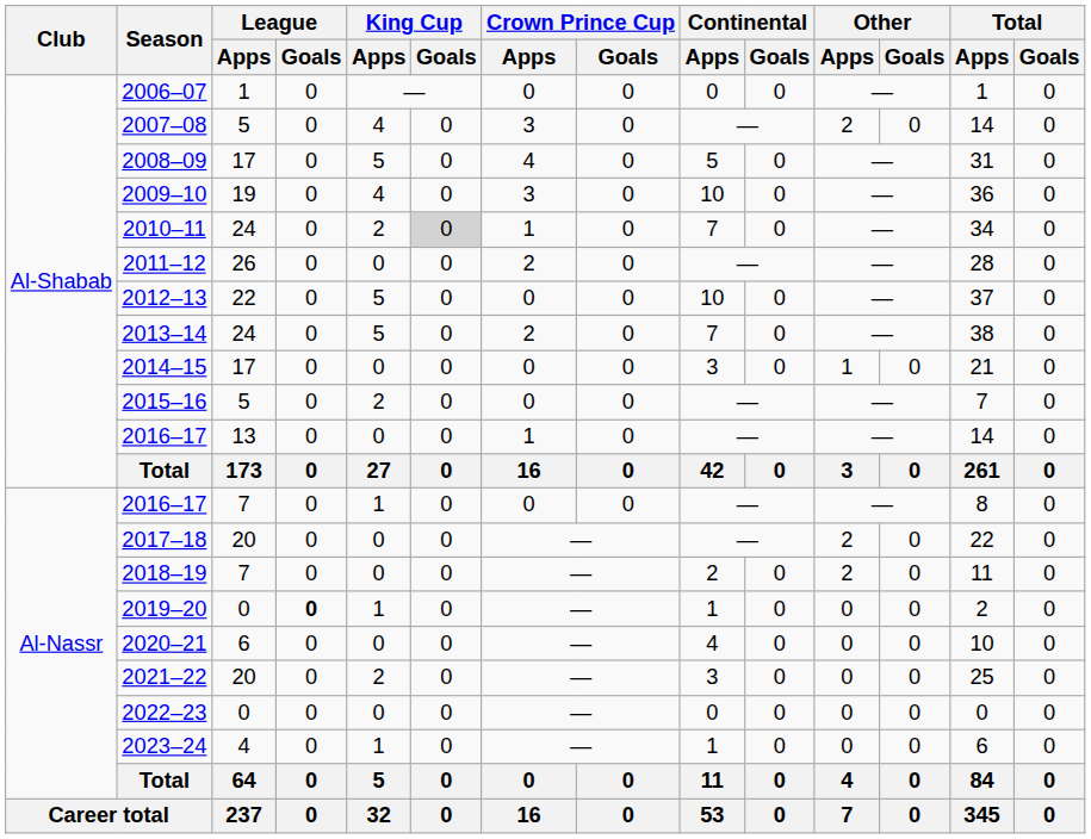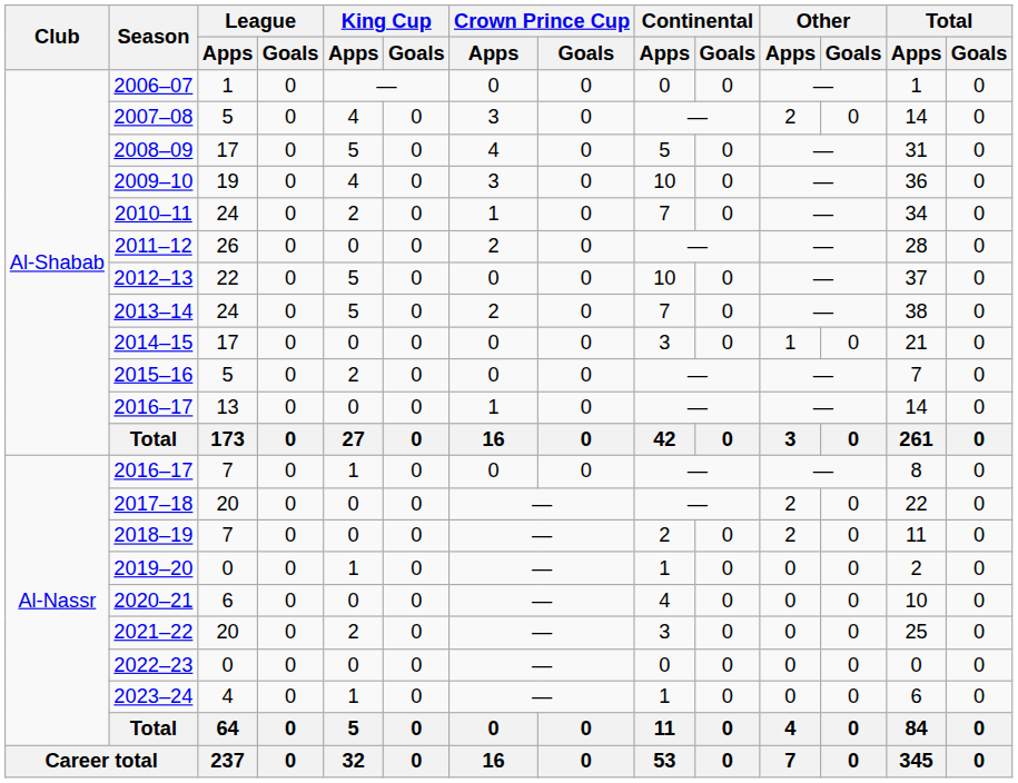 <table class=wikitable style="text-align: center">
 <tr>
 <th rowspan=2>Club</th>
 <th rowspan=2>Season</th>
 <th colspan=2>League</th>
 <th colspan=2><a href='#'>King Cup</a></th>
 <th colspan=2><a href='#'>Crown Prince Cup</a> </th>
 <th colspan=2>Continental</th>
 <th colspan=2>Other</th>
 <th colspan=2>Total</th>
 </tr>
 <tr>
 <th>Apps</th>
 <th>Goals</th>
 <th>Apps</th>
 <th>Goals</th>
 <th>Apps</th>
 <th>Goals</th>
 <th>Apps</th>
 <th>Goals</th>
 <th>Apps</th>
 <th>Goals</th>
 <th>Apps</th>
 <th>Goals</th>
 </tr>
 <tr>
 <td rowspan=12><a href='#'>Al-Shabab</a></td>
 <td><a href='#'>2006–07</a></td>
 <td>1</td>
 <td>0</td>
 <td colspan=2>—</td>
 <td>0</td>
 <td>0</td>
 <td>0</td>
 <td>0</td>
 <td colspan=2>—</td>
 <td>1</td>
 <td>0</td>
 </tr>
 <tr>
 <td><a href='#'>2007–08</a></td>
 <td>5</td>
 <td>0</td>
 <td>4</td>
 <td>0</td>
 <td>3</td>
 <td>0</td>
 <td colspan=2>—</td>
 <td>2</td>
 <td>0</td>
 <td>14</td>
 <td>0</td>
 </tr>
 <tr>
 <td><a href='#'>2008–09</a></td>
 <td>17</td>
 <td>0</td>
 <td>5</td>
 <td>0</td>
 <td>4</td>
 <td>0</td>
 <td>5</td>
 <td>0</td>
 <td colspan=2>—</td>
 <td>31</td>
 <td>0</td>
 </tr>
 <tr>
 <td><a href='#'>2009–10</a></td>
 <td>19</td>
 <td>0</td>
 <td>4</td>
 <td>0</td>
 <td>3</td>
 <td>0</td>
 <td>10</td>
 <td>0</td>
 <td colspan=2>—</td>
 <td>36</td>
 <td>0</td>
 </tr>
 <tr>
 <td><a href='#'>2010–11</a></td>
 <td>24</td>
 <td>0</td>
 <td>2</td>
-<td style="background: lightgrey;">0</td>
+<td>0</td>
 <td>1</td>
 <td>0</td>
 <td>7</td>
 <td>0</td>
 <td colspan=2>—</td>
 <td>34</td>
 <td>0</td>
 </tr>
 <tr>
 <td><a href='#'>2011–12</a></td>
 <td>26</td>
 <td>0</td>
 <td>0</td>
 <td>0</td>
 <td>2</td>
 <td>0</td>
 <td colspan=2>—</td>
 <td colspan=2>—</td>
 <td>28</td>
 <td>0</td>
 </tr>
 <tr>
 <td><a href='#'>2012–13</a></td>
 <td>22</td>
 <td>0</td>
 <td>5</td>
 <td>0</td>
 <td>0</td>
 <td>0</td>
 <td>10</td>
 <td>0</td>
 <td colspan=2>—</td>
 <td>37</td>
 <td>0</td>
 </tr>
 <tr>
 <td><a href='#'>2013–14</a></td>
 <td>24</td>
 <td>0</td>
 <td>5</td>
 <td>0</td>
 <td>2</td>
 <td>0</td>
 <td>7</td>
 <td>0</td>
 <td colspan=2>—</td>
 <td>38</td>
 <td>0</td>
 </tr>
 <tr>
 <td><a href='#'>2014–15</a></td>
 <td>17</td>
 <td>0</td>
 <td>0</td>
 <td>0</td>
 <td>0</td>
 <td>0</td>
 <td>3</td>
 <td>0</td>
 <td>1</td>
 <td>0</td>
 <td>21</td>
 <td>0</td>
 </tr>
 <tr>
 <td><a href='#'>2015–16</a></td>
 <td>5</td>
 <td>0</td>
 <td>2</td>
 <td>0</td>
 <td>0</td>
 <td>0</td>
 <td colspan=2>—</td>
 <td colspan=2>—</td>
 <td>7</td>
 <td>0</td>
 </tr>
 <tr>
 <td><a href='#'>2016–17</a></td>
 <td>13</td>
 <td>0</td>
 <td>0</td>
 <td>0</td>
 <td>1</td>
 <td>0</td>
 <td colspan=2>—</td>
 <td colspan=2>—</td>
 <td>14</td>
 <td>0</td>
 </tr>
 <tr>
 <th>Total</th>
 <th>173</th>
 <th>0</th>
 <th>27</th>
 <th>0</th>
 <th>16</th>
 <th>0</th>
 <th>42</th>
 <th>0</th>
 <th>3</th>
 <th>0</th>
 <th>261</th>
 <th>0</th>
 </tr>
 <tr>
 <td rowspan=9><a href='#'>Al-Nassr</a></td>
 <td><a href='#'>2016–17</a></td>
 <td>7</td>
 <td>0</td>
 <td>1</td>
 <td>0</td>
 <td>0</td>
 <td>0</td>
 <td colspan=2>—</td>
 <td colspan=2>—</td>
 <td>8</td>
 <td>0</td>
 </tr>
 <tr>
 <td><a href='#'>2017–18</a></td>
 <td>20</td>
 <td>0</td>
 <td>0</td>
 <td>0</td>
 <td colspan=2>—</td>
 <td colspan=2>—</td>
 <td>2</td>
 <td>0</td>
 <td>22</td>
 <td>0</td>
 </tr>
 <tr>
 <td><a href='#'>2018–19</a></td>
 <td>7</td>
 <td>0</td>
 <td>0</td>
 <td>0</td>
 <td colspan=2>—</td>
 <td>2</td>
 <td>0</td>
 <td>2</td>
 <td>0</td>
 <td>11</td>
 <td>0</td>
 </tr>
 <tr>
 <td><a href='#'>2019–20</a></td>
 <td>0</td>
-<td><strong>0</strong></td>
+<td>0</td>
 <td>1</td>
 <td>0</td>
 <td colspan=2>—</td>
 <td>1</td>
 <td>0</td>
 <td>0</td>
 <td>0</td>
 <td>2</td>
 <td>0</td>
 </tr>
 <tr>
 <td><a href='#'>2020–21</a></td>
 <td>6</td>
 <td>0</td>
 <td>0</td>
 <td>0</td>
 <td colspan=2>—</td>
 <td>4</td>
 <td>0</td>
 <td>0</td>
 <td>0</td>
 <td>10</td>
 <td>0</td>
 </tr>
 <tr>
 <td><a href='#'>2021–22</a></td>
 <td>20</td>
 <td>0</td>
 <td>2</td>
 <td>0</td>
 <td colspan=2>—</td>
 <td>3</td>
 <td>0</td>
 <td>0</td>
 <td>0</td>
 <td>25</td>
 <td>0</td>
 </tr>
 <tr>
 <td><a href='#'>2022–23</a></td>
 <td>0</td>
 <td>0</td>
 <td>0</td>
 <td>0</td>
 <td colspan=2>—</td>
 <td>0</td>
 <td>0</td>
 <td>0</td>
 <td>0</td>
 <td>0</td>
 <td>0</td>
 </tr>
 <tr>
 <td><a href='#'>2023–24</a></td>
 <td>4</td>
 <td>0</td>
 <td>1</td>
 <td>0</td>
 <td colspan=2>—</td>
 <td>1</td>
 <td>0</td>
 <td>0</td>
 <td>0</td>
 <td>6</td>
 <td>0</td>
 </tr>
 <tr>
 <th>Total</th>
 <th>64</th>
 <th>0</th>
 <th>5</th>
 <th>0</th>
 <th>0</th>
 <th>0</th>
 <th>11</th>
 <th>0</th>
 <th>4</th>
 <th>0</th>
 <th>84</th>
 <th>0</th>
 </tr>
 <tr>
 <th colspan=2>Career total</th>
 <th>237</th>
 <th>0</th>
 <th>32</th>
 <th>0</th>
 <th>16</th>
 <th>0</th>
 <th>53</th>
 <th>0</th>
 <th>7</th>
 <th>0</th>
 <th>345</th>
 <th>0</th>
 </tr>
 </table>
